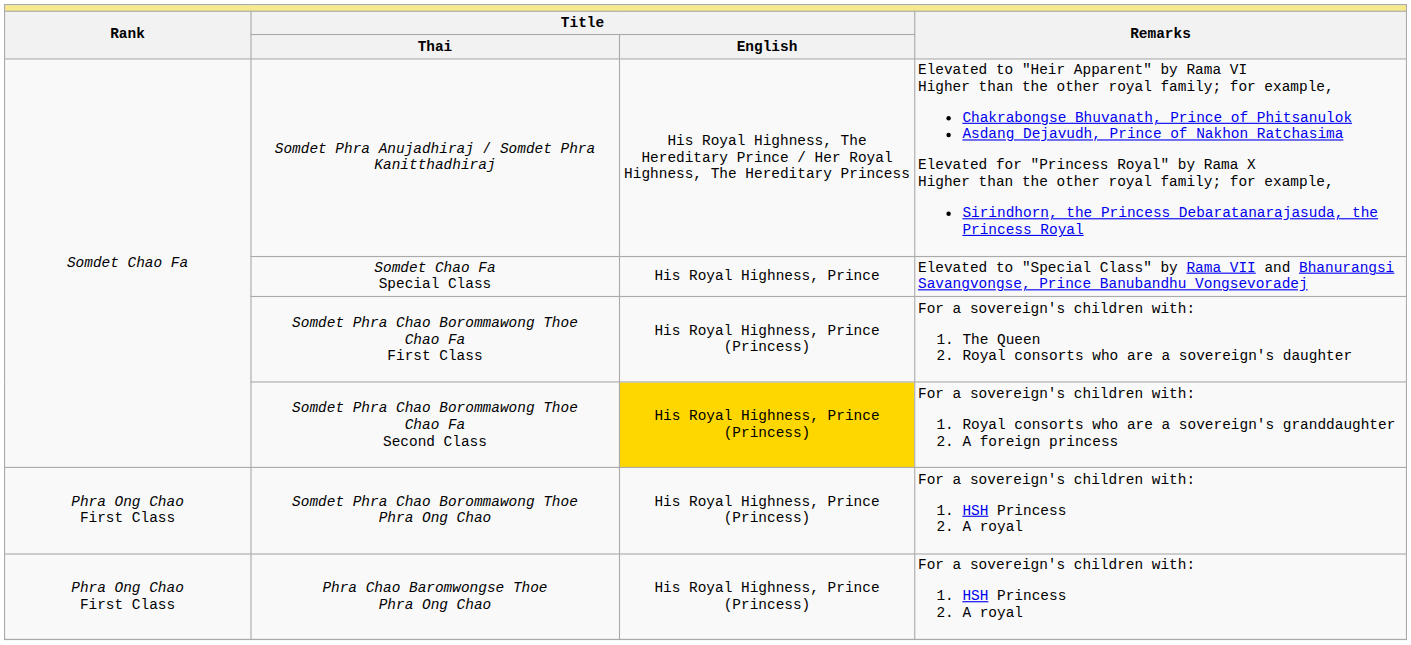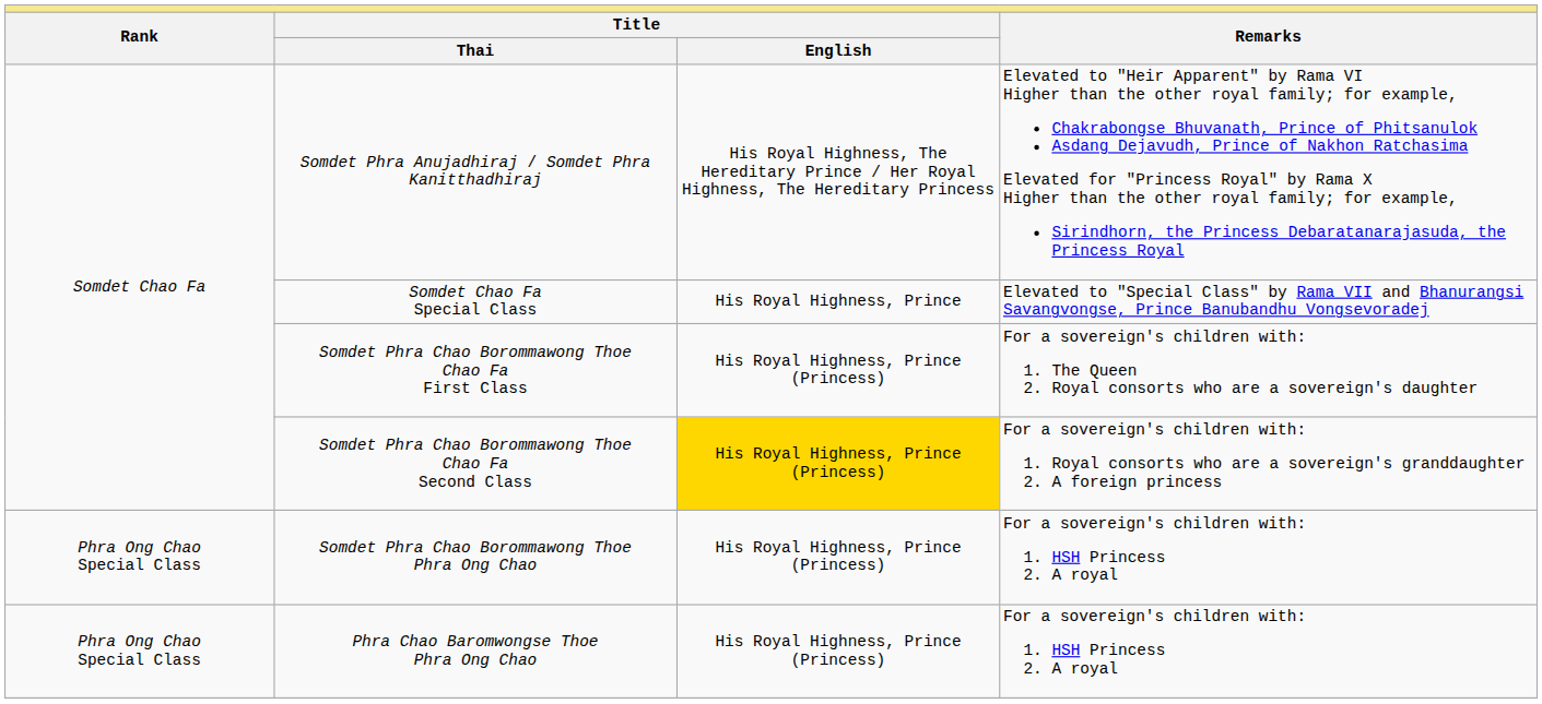 <table class="wikitable" width="100%">
 <tr>
 <td colspan=4 style="background: #F7E98E;"></td>
 </tr>
 <tr>
 <th rowspan=2 width="10%">Rank</th>
 <th colspan=2 width="25%">Title</th>
 <th rowspan=2 width="20%">Remarks</th>
 </tr>
 <tr>
 <th width="15%">Thai</th>
 <th width="12%">English</th>
 </tr>
 <tr>
 <td rowspan=4 align="center"><em>Somdet Chao Fa</em></td>
 <td align="center"><em>Somdet Phra Anujadhiraj</em> / <em>Somdet Phra Kanitthadhiraj</em></td>
 <td align="center">His Royal Highness, The Hereditary Prince / Her Royal Highness, The Hereditary Princess</td>
 <td>Elevated to "Heir Apparent" by Rama VI<br> Higher than the other royal family; for example,<br><ul><li><a href='#'>Chakrabongse Bhuvanath, Prince of Phitsanulok</a></li><li><a href='#'>Asdang Dejavudh, Prince of Nakhon Ratchasima</a></li></ul>Elevated for "Princess Royal" by Rama X<br> Higher than the other royal family; for example,<ul><li><a href='#'>Sirindhorn, the Princess Debaratanarajasuda, the Princess Royal</a></li></ul></td>
 </tr>
 <tr>
 <td align="center"><em>Somdet Chao Fa</em> <br> Special Class</td>
 <td align="center">His Royal Highness, Prince</td>
 <td>Elevated to "Special Class" by <a href='#'>Rama VII</a> and <a href='#'>Bhanurangsi Savangvongse, Prince Banubandhu Vongsevoradej</a></td>
 </tr>
 <tr>
 <td align="center"><em>Somdet Phra Chao Borommawong Thoe</em> <br> <em>Chao Fa</em> <br> First Class</td>
 <td align="center">His Royal Highness, Prince (Princess)</td>
 <td>For a sovereign's children with:<br><ol><li>The Queen</li><li>Royal consorts who are a sovereign's daughter</li></ol></td>
 </tr>
 <tr>
 <td align="center"><em>Somdet Phra Chao Borommawong Thoe</em> <br> <em>Chao Fa</em> <br> Second Class</td>
 <td align="center" style="background: gold;">His Royal Highness, Prince (Princess)</td>
 <td>For a sovereign's children with:<br><ol><li>Royal consorts who are a sovereign's granddaughter</li><li>A foreign princess</li></ol></td>
 </tr>
 <tr>
-<td align="center"><em>Phra Ong Chao</em> <br> First Class</td>
+<td align="center"><em>Phra Ong Chao</em> <br> Special Class</td>
 <td align="center"><em>Somdet Phra Chao Borommawong Thoe</em> <br> <em>Phra Ong Chao</em> <br></td>
 <td align="center">His Royal Highness, Prince (Princess)</td>
 <td>For a sovereign's children with:<br><ol><li><a href='#'>HSH</a> Princess</li><li>A royal</li></ol></td>
 </tr>
 <tr>
-<td align="center"><em>Phra Ong Chao</em> <br> First Class</td>
+<td align="center"><em>Phra Ong Chao</em> <br> Special Class</td>
 <td align="center"><em>Phra Chao Baromwongse Thoe</em> <br> <em>Phra Ong Chao</em></td>
 <td align="center">His Royal Highness, Prince (Princess)</td>
 <td>For a sovereign's children with:<br><ol><li><a href='#'>HSH</a> Princess</li><li>A royal</li></ol></td>
 </tr>
 <tr>
 </tr>
 </table>
